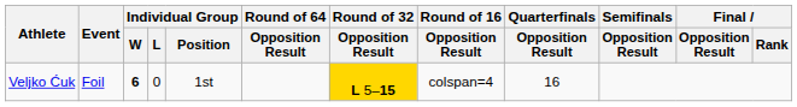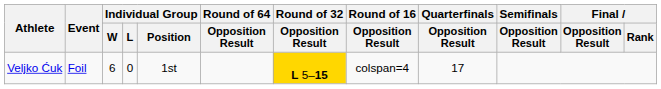 <table class=wikitable style="font-size:90%">
 <tr>
 <th rowspan="2">Athlete</th>
 <th rowspan="2">Event</th>
 <th colspan="3">Individual Group</th>
 <th>Round of 64</th>
 <th>Round of 32</th>
 <th>Round of 16</th>
 <th>Quarterfinals</th>
 <th>Semifinals</th>
 <th colspan="2">Final / </th>
 </tr>
 <tr style="font-size:95%">
 <th>W</th>
 <th>L</th>
 <th>Position</th>
 <th>Opposition<br>Result</th>
 <th>Opposition<br>Result</th>
 <th>Opposition<br>Result</th>
 <th>Opposition<br>Result</th>
 <th>Opposition<br>Result</th>
 <th>Opposition<br>Result</th>
 <th>Rank</th>
 </tr>
 <tr align=center>
 <td align=left><a href='#'>Veljko Ćuk</a></td>
 <td align=left><a href='#'>Foil</a></td>
-<td><strong>6</strong></td>
+<td>6</td>
 <td>0</td>
 <td>1st</td>
 <td></td>
 <td style="background: gold;"><br><strong>L</strong> 5–<strong>15</strong></td>
 <td>colspan=4 </td>
-<td>16</td>
+<td>17</td>
 </tr>
 </table>
